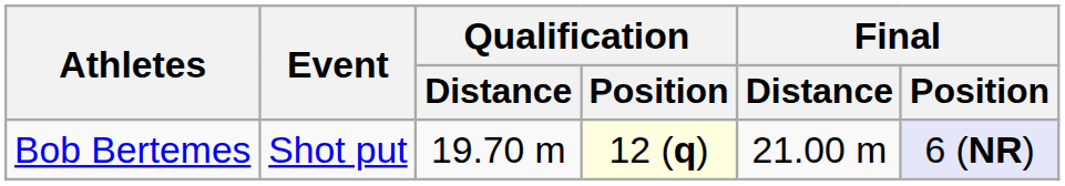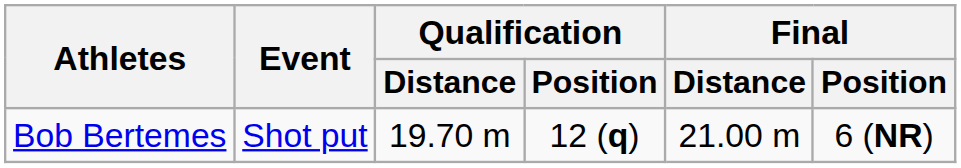 <table class=wikitable style="font-size:90%">
 <tr>
 <th rowspan="2">Athletes</th>
 <th rowspan="2">Event</th>
 <th colspan="2">Qualification</th>
 <th colspan="2">Final</th>
 </tr>
 <tr style="font-size:95%">
 <th>Distance</th>
 <th>Position</th>
 <th>Distance</th>
 <th>Position</th>
 </tr>
 <tr>
 <td><a href='#'>Bob Bertemes</a></td>
 <td><a href='#'>Shot put</a></td>
 <td align=center>19.70 m</td>
-<td align=center style="background: lightyellow;">12 (<strong>q</strong>)</td>
+<td align=center>12 (<strong>q</strong>)</td>
 <td align=center>21.00 m</td>
-<td align=center style="background: lavender;">6 (<strong>NR</strong>)</td>
+<td align=center>6 (<strong>NR</strong>)</td>
 </tr>
 </table>
